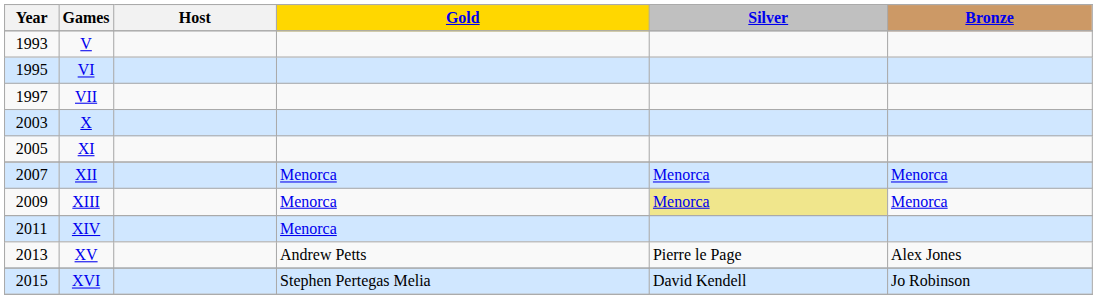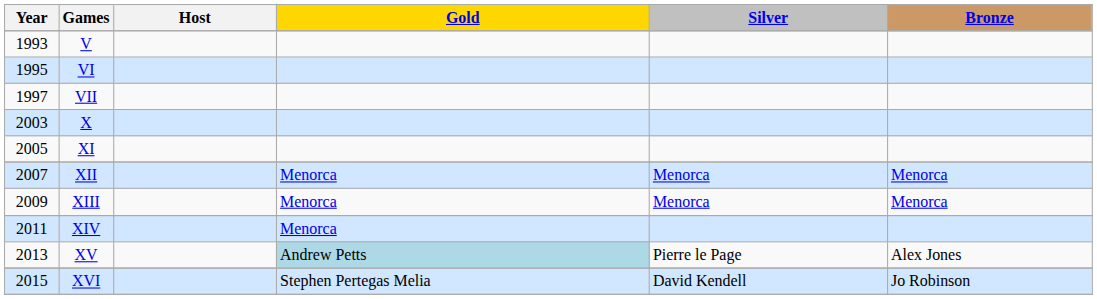 <table class="wikitable" style="text-align: center; font-size:95%;">
 <tr>
 <th rowspan="2" style="width:5%;">Year</th>
 <th rowspan="2" style="width:5%;">Games</th>
 <th rowspan="2" style="width:15%;">Host</th>
 </tr>
 <tr>
 <th style="background-color: gold"><a href='#'>Gold</a></th>
 <th style="background-color: silver"><a href='#'>Silver</a></th>
 <th style="background-color: #CC9966"><a href='#'>Bronze</a></th>
 </tr>
 <tr>
 </tr>
 <tr>
 <td>1993</td>
 <td align=center><a href='#'>V</a></td>
 <td align="left"></td>
 <td align= "left"></td>
 <td align="left"></td>
 <td align= "left"></td>
 </tr>
 <tr style="text-align:center; background:#d0e7ff;">
 <td>1995</td>
 <td align=center><a href='#'>VI</a></td>
 <td align="left"></td>
 <td align= "left"></td>
 <td align= "left"></td>
 <td align="left"></td>
 </tr>
 <tr>
 <td>1997</td>
 <td align=center><a href='#'>VII</a></td>
 <td align= "left"></td>
 <td align= "left"></td>
 <td align= "left"></td>
 <td align= "left"></td>
 </tr>
 <tr style="text-align:center; background:#d0e7ff;">
 <td>2003</td>
 <td align=center><a href='#'>X</a></td>
 <td align= "left"></td>
 <td align="left"></td>
 <td align="left"></td>
 <td align="left"></td>
 </tr>
 <tr>
 <td>2005</td>
 <td align=center><a href='#'>XI</a></td>
 <td align="left"></td>
 <td align="left"></td>
 <td align="left"></td>
 <td align="left"></td>
 </tr>
 <tr>
 </tr>
 <tr style="text-align:center; background:#d0e7ff;">
 <td>2007</td>
 <td align=center><a href='#'>XII</a></td>
 <td align= "left"></td>
 <td align= "left"> <a href='#'>Menorca</a></td>
 <td align= "left"> <a href='#'>Menorca</a></td>
 <td align= "left"> <a href='#'>Menorca</a></td>
 </tr>
 <tr>
 <td>2009</td>
 <td align=center><a href='#'>XIII</a></td>
 <td align= "left"></td>
 <td align= "left"> <a href='#'>Menorca</a></td>
-<td align= "left" style="background: khaki;"> <a href='#'>Menorca</a></td>
+<td align= "left"> <a href='#'>Menorca</a></td>
 <td align= "left"> <a href='#'>Menorca</a></td>
 </tr>
 <tr>
 </tr>
 <tr style="text-align:center; background:#d0e7ff;">
 <td>2011</td>
 <td align=center><a href='#'>XIV</a></td>
 <td align= "left"></td>
 <td align= "left"> <a href='#'>Menorca</a></td>
 <td align= "left"></td>
 <td align= "left"></td>
 </tr>
 <tr>
 <td>2013</td>
 <td align=center><a href='#'>XV</a></td>
 <td align= "left"></td>
-<td align= "left">Andrew Petts <br>  </td>
+<td align= "left" style="background: lightblue;">Andrew Petts <br>  </td>
 <td align= "left">Pierre le Page <br> </td>
 <td align= "left">Alex Jones <br></td>
 </tr>
 <tr>
 </tr>
 <tr style="text-align:center; background:#d0e7ff;">
 <td>2015</td>
 <td align=center><a href='#'>XVI</a></td>
 <td align="left"></td>
 <td align="left">Stephen Pertegas Melia <br> </td>
 <td align= "left">David Kendell <br> </td>
 <td align= "left">Jo Robinson <br> </td>
 </tr>
 <tr>
 </tr>
 </table>
